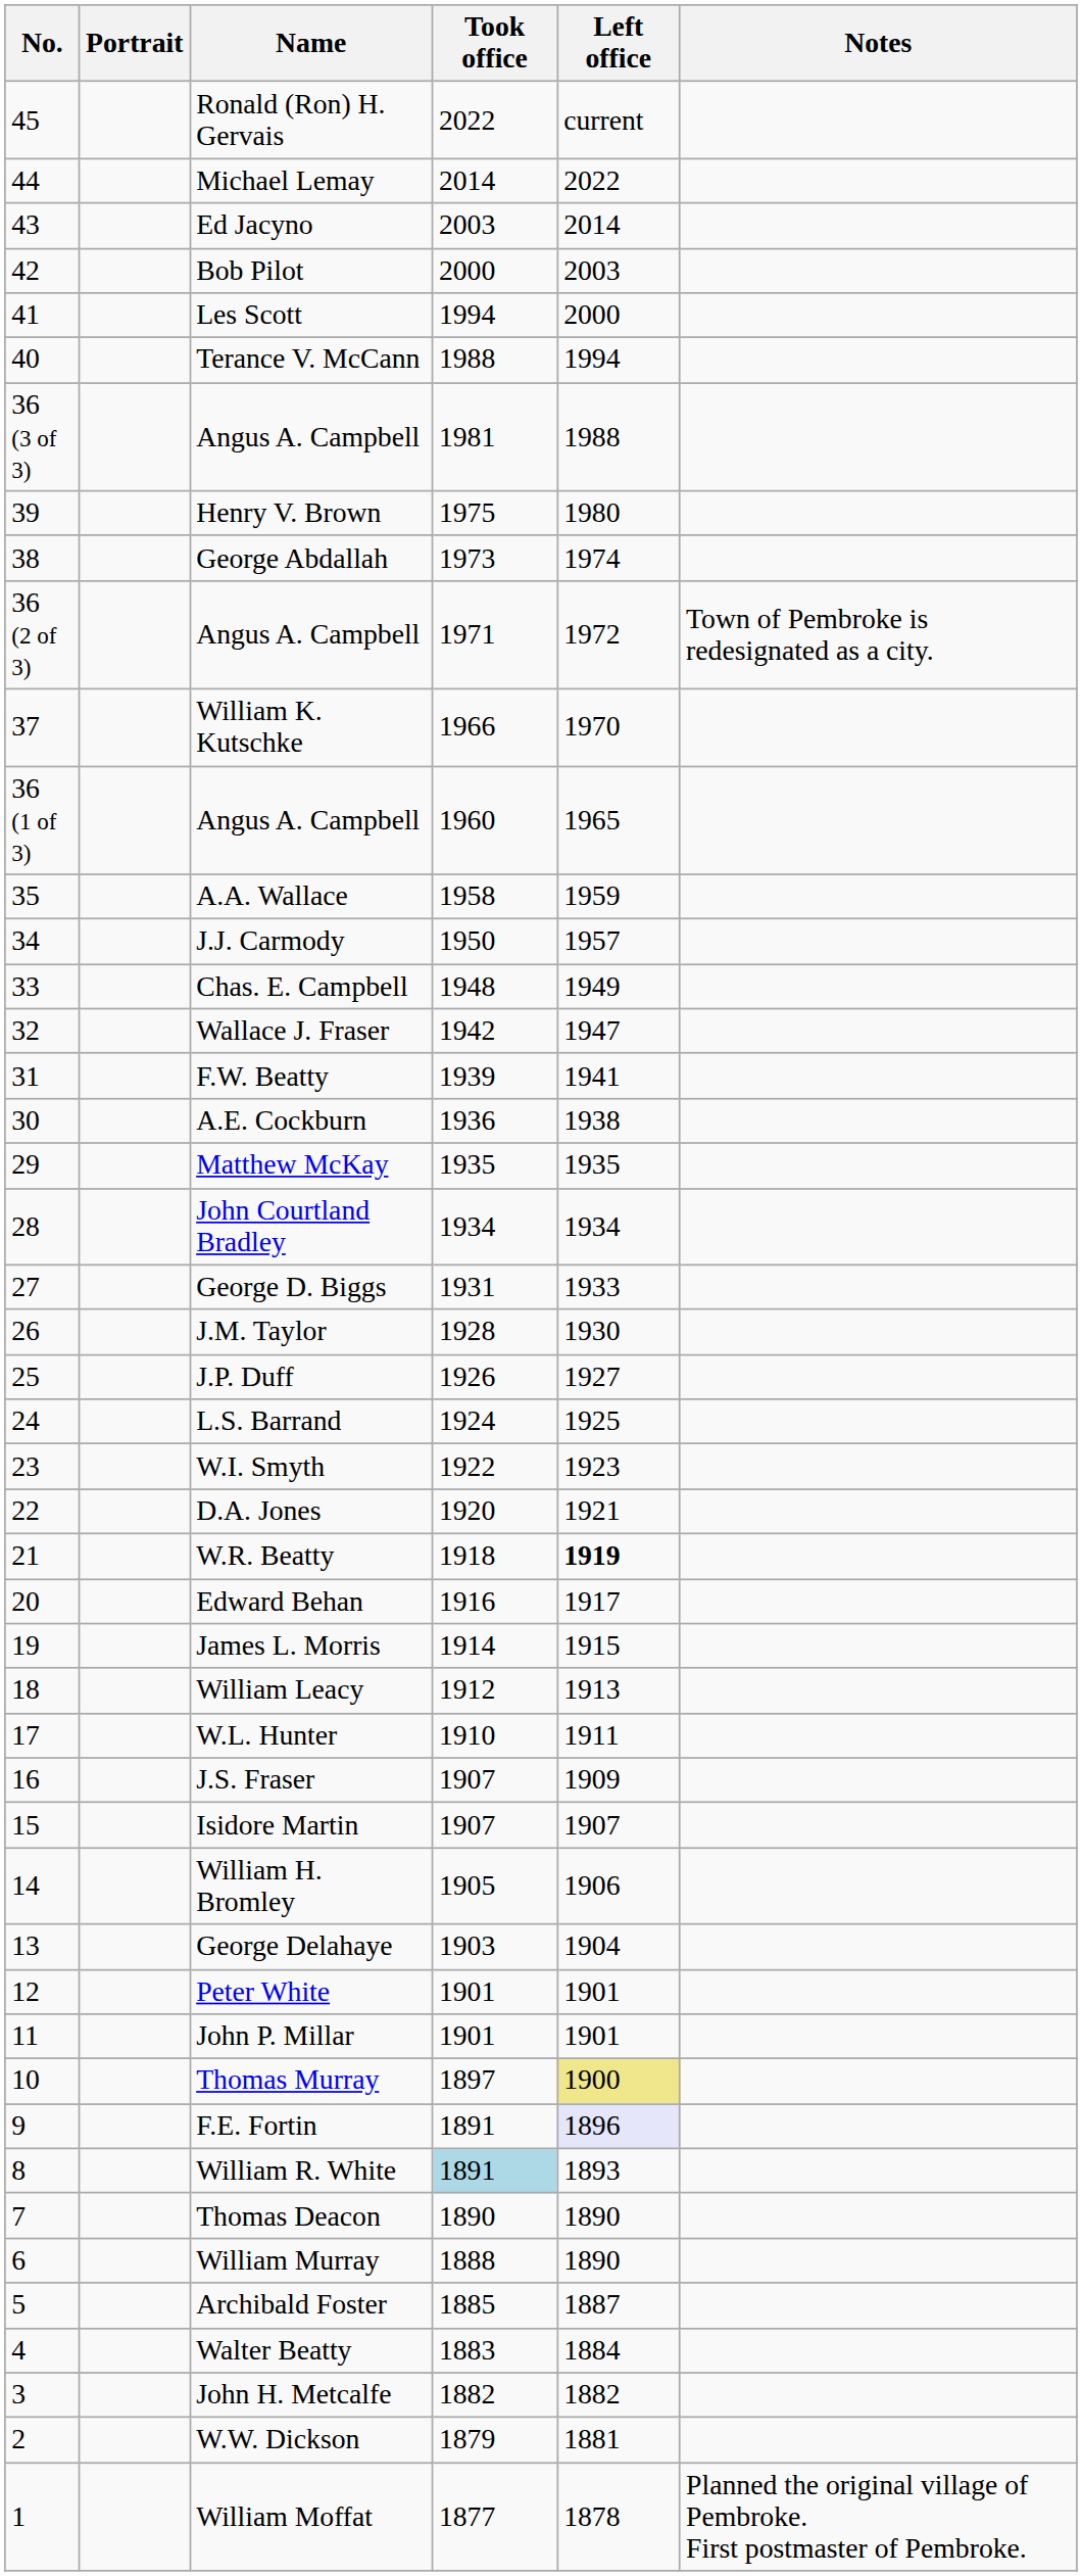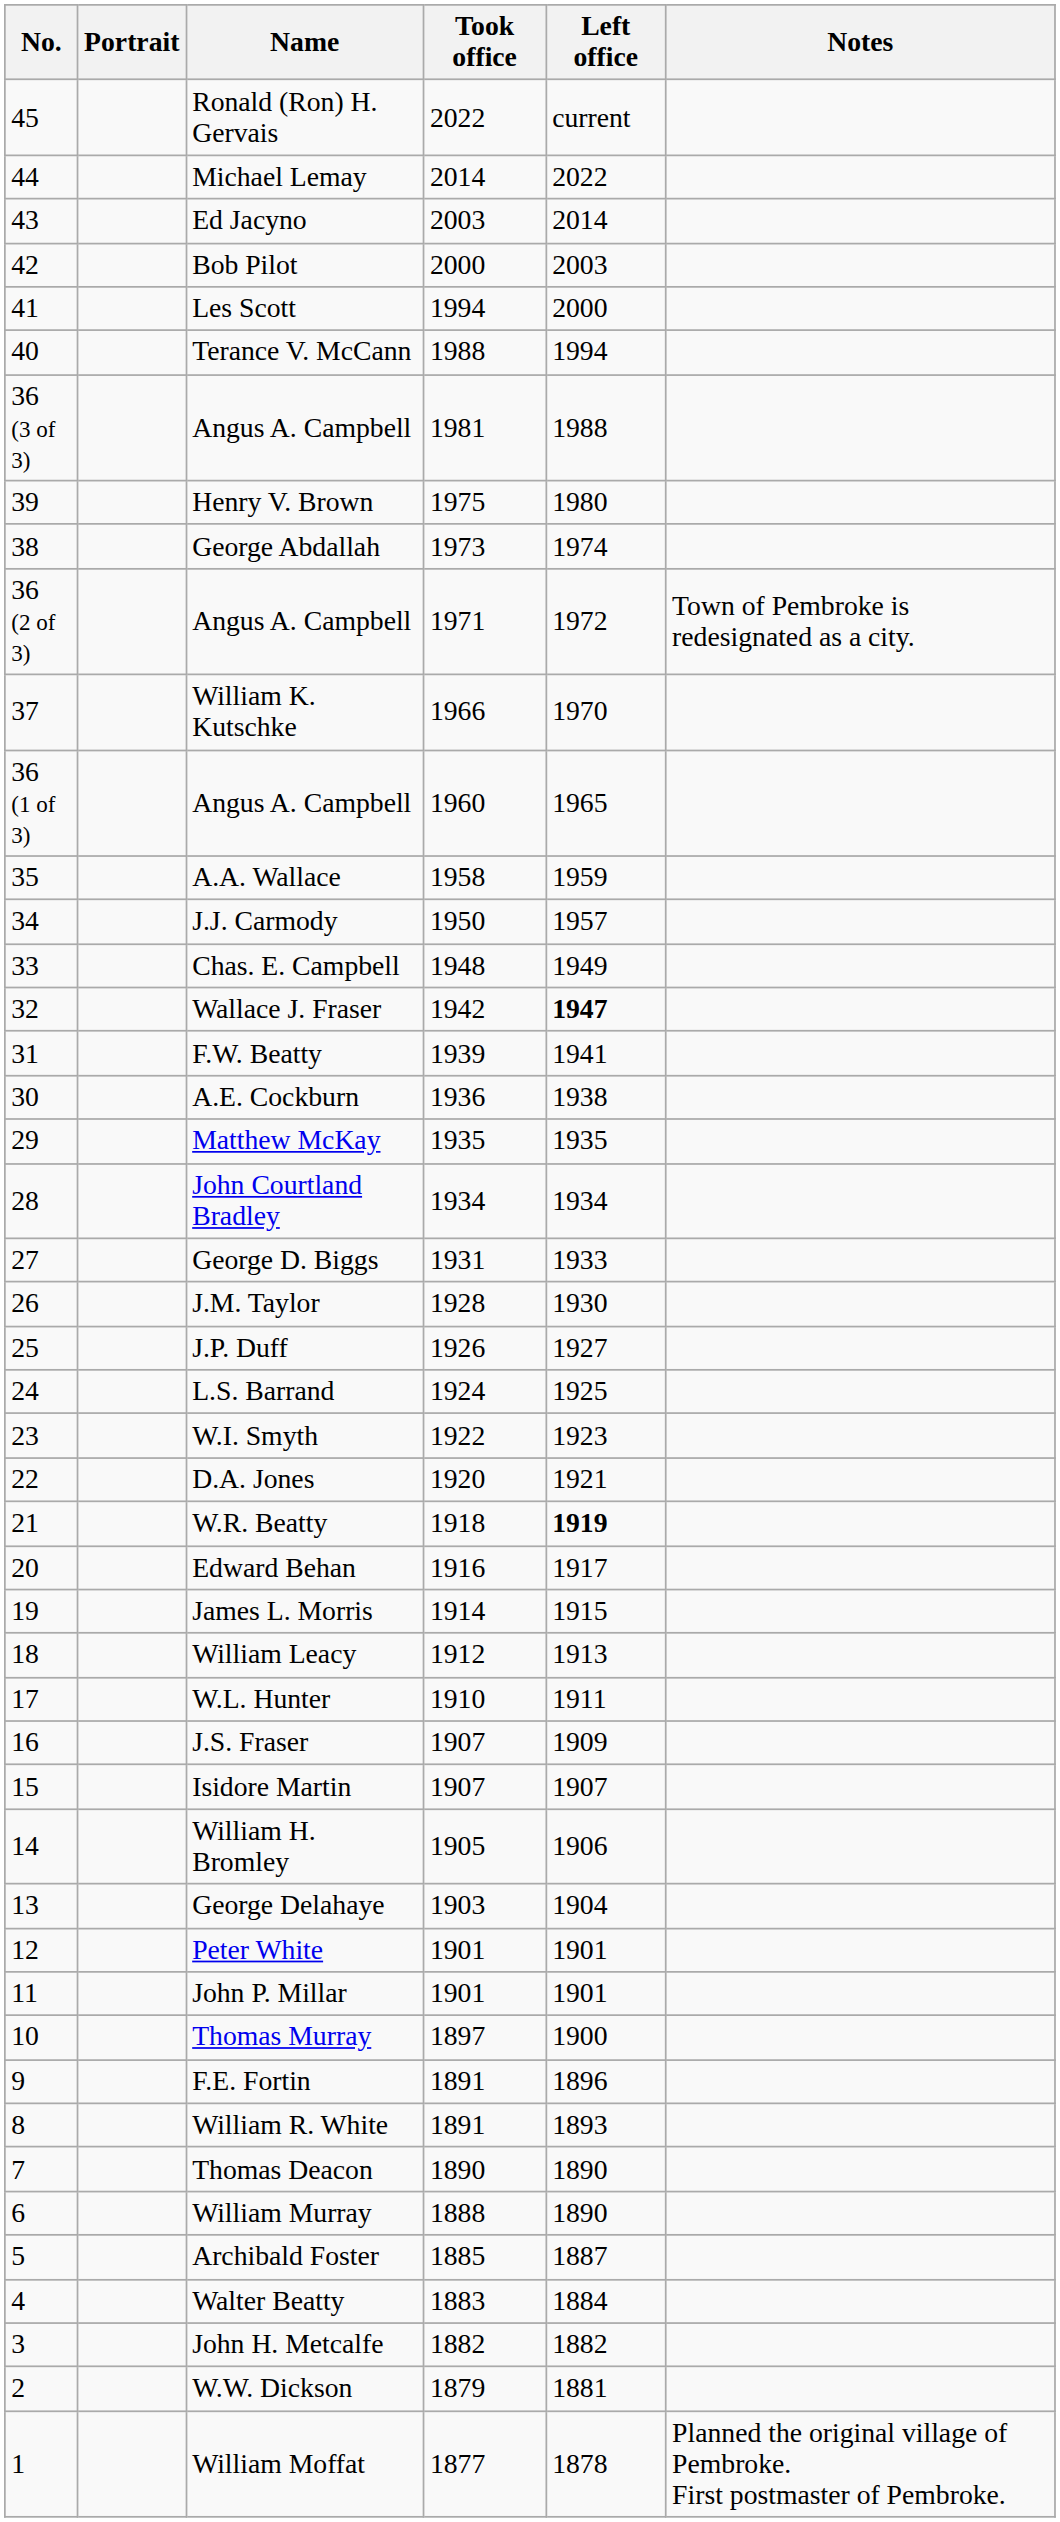 <table class="wikitable sortable mw-collapsible">
 <tr>
 <th>No.</th>
 <th>Portrait</th>
 <th>Name</th>
 <th>Took office</th>
 <th>Left office</th>
 <th>Notes</th>
 </tr>
 <tr>
 <td>45</td>
 <td></td>
 <td>Ronald (Ron) H. Gervais</td>
 <td>2022</td>
 <td>current</td>
 <td></td>
 </tr>
 <tr>
 <td>44</td>
 <td></td>
 <td>Michael Lemay</td>
 <td>2014</td>
 <td>2022</td>
 <td></td>
 </tr>
 <tr>
 <td>43</td>
 <td></td>
 <td>Ed Jacyno</td>
 <td>2003</td>
 <td>2014</td>
 <td></td>
 </tr>
 <tr>
 <td>42</td>
 <td></td>
 <td>Bob Pilot</td>
 <td>2000</td>
 <td>2003</td>
 <td></td>
 </tr>
 <tr>
 <td>41</td>
 <td></td>
 <td>Les Scott</td>
 <td>1994</td>
 <td>2000</td>
 <td></td>
 </tr>
 <tr>
 <td>40</td>
 <td></td>
 <td>Terance V. McCann</td>
 <td>1988</td>
 <td>1994</td>
 <td></td>
 </tr>
 <tr>
 <td>36<br><small>(3 of 3)</small></td>
 <td></td>
 <td>Angus A. Campbell</td>
 <td>1981</td>
 <td>1988</td>
 <td></td>
 </tr>
 <tr>
 <td>39</td>
 <td></td>
 <td>Henry V. Brown</td>
 <td>1975</td>
 <td>1980</td>
 <td></td>
 </tr>
 <tr>
 <td>38</td>
 <td></td>
 <td>George Abdallah</td>
 <td>1973</td>
 <td>1974</td>
 <td></td>
 </tr>
 <tr>
 <td>36<br><small>(2 of 3)</small></td>
 <td></td>
 <td>Angus A. Campbell</td>
 <td>1971</td>
 <td>1972</td>
 <td>Town of Pembroke is redesignated as a city.</td>
 </tr>
 <tr>
 <td>37</td>
 <td></td>
 <td>William K. Kutschke</td>
 <td>1966</td>
 <td>1970</td>
 <td></td>
 </tr>
 <tr>
 <td>36<br><small>(1 of 3)</small></td>
 <td></td>
 <td>Angus A. Campbell</td>
 <td>1960</td>
 <td>1965</td>
 <td></td>
 </tr>
 <tr>
 <td>35</td>
 <td></td>
 <td>A.A. Wallace</td>
 <td>1958</td>
 <td>1959</td>
 <td></td>
 </tr>
 <tr>
 <td>34</td>
 <td></td>
 <td>J.J. Carmody</td>
 <td>1950</td>
 <td>1957</td>
 <td></td>
 </tr>
 <tr>
 <td>33</td>
 <td></td>
 <td>Chas. E. Campbell</td>
 <td>1948</td>
 <td>1949</td>
 <td></td>
 </tr>
 <tr>
 <td>32</td>
 <td></td>
 <td>Wallace J. Fraser</td>
 <td>1942</td>
-<td>1947</td>
+<td><strong>1947</strong></td>
 <td></td>
 </tr>
 <tr>
 <td>31</td>
 <td></td>
 <td>F.W. Beatty</td>
 <td>1939</td>
 <td>1941</td>
 <td></td>
 </tr>
 <tr>
 <td>30</td>
 <td></td>
 <td>A.E. Cockburn</td>
 <td>1936</td>
 <td>1938</td>
 <td></td>
 </tr>
 <tr>
 <td>29</td>
 <td></td>
 <td><a href='#'>Matthew McKay</a></td>
 <td>1935</td>
 <td>1935</td>
 <td></td>
 </tr>
 <tr>
 <td>28</td>
 <td></td>
 <td><a href='#'>John Courtland Bradley</a></td>
 <td>1934</td>
 <td>1934</td>
 <td></td>
 </tr>
 <tr>
 <td>27</td>
 <td></td>
 <td>George D. Biggs</td>
 <td>1931</td>
 <td>1933</td>
 <td></td>
 </tr>
 <tr>
 <td>26</td>
 <td></td>
 <td>J.M. Taylor</td>
 <td>1928</td>
 <td>1930</td>
 <td></td>
 </tr>
 <tr>
 <td>25</td>
 <td></td>
 <td>J.P. Duff</td>
 <td>1926</td>
 <td>1927</td>
 <td></td>
 </tr>
 <tr>
 <td>24</td>
 <td></td>
 <td>L.S. Barrand</td>
 <td>1924</td>
 <td>1925</td>
 <td></td>
 </tr>
 <tr>
 <td>23</td>
 <td></td>
 <td>W.I. Smyth</td>
 <td>1922</td>
 <td>1923</td>
 <td></td>
 </tr>
 <tr>
 <td>22</td>
 <td></td>
 <td>D.A. Jones</td>
 <td>1920</td>
 <td>1921</td>
 <td></td>
 </tr>
 <tr>
 <td>21</td>
 <td></td>
 <td>W.R. Beatty</td>
 <td>1918</td>
 <td><strong>1919</strong></td>
 <td></td>
 </tr>
 <tr>
 <td>20</td>
 <td></td>
 <td>Edward Behan</td>
 <td>1916</td>
 <td>1917</td>
 <td></td>
 </tr>
 <tr>
 <td>19</td>
 <td></td>
 <td>James L. Morris</td>
 <td>1914</td>
 <td>1915</td>
 <td></td>
 </tr>
 <tr>
 <td>18</td>
 <td></td>
 <td>William Leacy</td>
 <td>1912</td>
 <td>1913</td>
 <td></td>
 </tr>
 <tr>
 <td>17</td>
 <td></td>
 <td>W.L. Hunter</td>
 <td>1910</td>
 <td>1911</td>
 <td></td>
 </tr>
 <tr>
 <td>16</td>
 <td></td>
 <td>J.S. Fraser</td>
 <td>1907</td>
 <td>1909</td>
 <td></td>
 </tr>
 <tr>
 <td>15</td>
 <td></td>
 <td>Isidore Martin</td>
 <td>1907</td>
 <td>1907</td>
 <td></td>
 </tr>
 <tr>
 <td>14</td>
 <td></td>
 <td>William H. Bromley</td>
 <td>1905</td>
 <td>1906</td>
 <td></td>
 </tr>
 <tr>
 <td>13</td>
 <td></td>
 <td>George Delahaye</td>
 <td>1903</td>
 <td>1904</td>
 <td></td>
 </tr>
 <tr>
 <td>12</td>
 <td></td>
 <td><a href='#'>Peter White</a></td>
 <td>1901</td>
 <td>1901</td>
 <td></td>
 </tr>
 <tr>
 <td>11</td>
 <td></td>
 <td>John P. Millar</td>
 <td>1901</td>
 <td>1901</td>
 <td></td>
 </tr>
 <tr>
 <td>10</td>
 <td></td>
 <td><a href='#'>Thomas Murray</a></td>
 <td>1897</td>
-<td style="background: khaki;">1900</td>
+<td>1900</td>
 <td></td>
 </tr>
 <tr>
 <td>9</td>
 <td></td>
 <td>F.E. Fortin</td>
 <td>1891</td>
-<td style="background: lavender;">1896</td>
+<td>1896</td>
 <td></td>
 </tr>
 <tr>
 <td>8</td>
 <td></td>
 <td>William R. White</td>
-<td style="background: lightblue;">1891</td>
+<td>1891</td>
 <td>1893</td>
 <td></td>
 </tr>
 <tr>
 <td>7</td>
 <td></td>
 <td>Thomas Deacon</td>
 <td>1890</td>
 <td>1890</td>
 <td></td>
 </tr>
 <tr>
 <td>6</td>
 <td></td>
 <td>William Murray</td>
 <td>1888</td>
 <td>1890</td>
 <td></td>
 </tr>
 <tr>
 <td>5</td>
 <td></td>
 <td>Archibald Foster</td>
 <td>1885</td>
 <td>1887</td>
 <td></td>
 </tr>
 <tr>
 <td>4</td>
 <td></td>
 <td>Walter Beatty</td>
 <td>1883</td>
 <td>1884</td>
 <td></td>
 </tr>
 <tr>
 <td>3</td>
 <td></td>
 <td>John H. Metcalfe</td>
 <td>1882</td>
 <td>1882</td>
 <td></td>
 </tr>
 <tr>
 <td>2</td>
 <td></td>
 <td>W.W. Dickson</td>
 <td>1879</td>
 <td>1881</td>
 <td></td>
 </tr>
 <tr>
 <td>1</td>
 <td></td>
 <td>William Moffat</td>
 <td>1877</td>
 <td>1878</td>
 <td>Planned the original village of Pembroke.<br>First postmaster of Pembroke.</td>
 </tr>
 </table>
